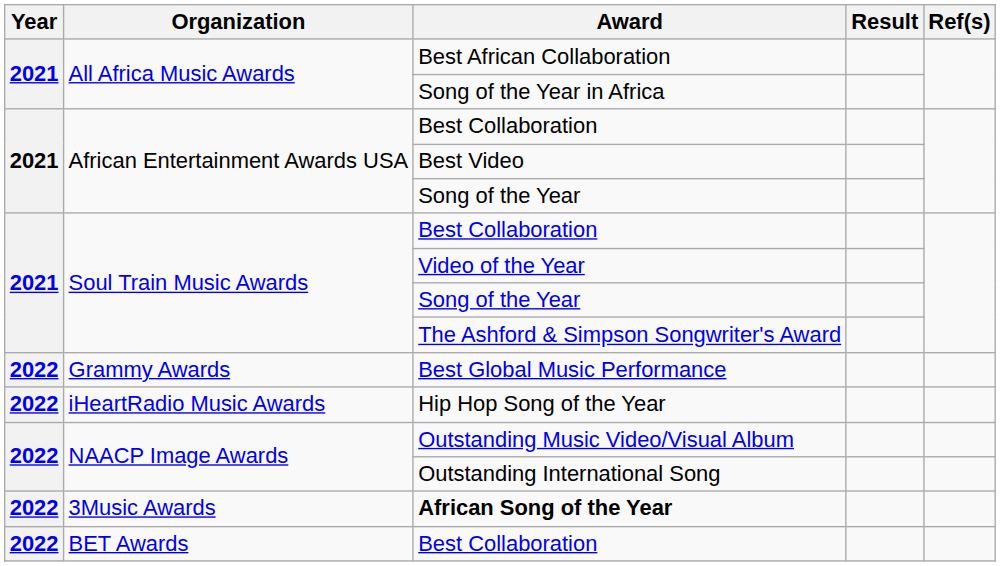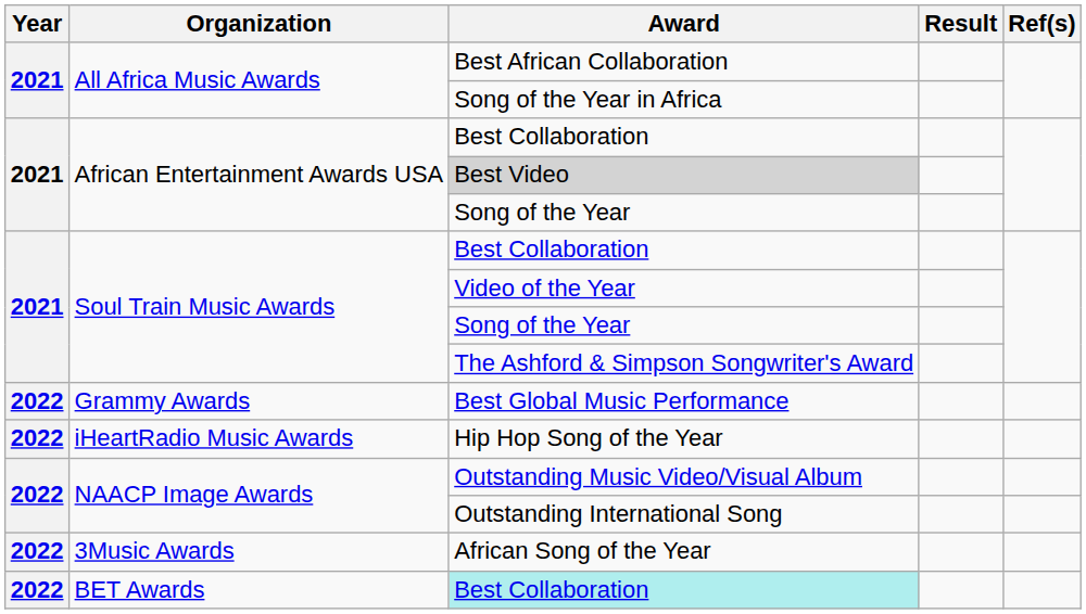 <table class="wikitable plainrowheaders">
 <tr>
 <th scope="col">Year</th>
 <th scope="col">Organization</th>
 <th scope="col">Award</th>
 <th scope="col">Result</th>
 <th scope="col">Ref(s)</th>
 </tr>
 <tr>
 <th rowspan="2" scope="row"><a href='#'>2021</a></th>
 <td rowspan="2"><a href='#'>All Africa Music Awards</a></td>
 <td>Best African Collaboration</td>
 <td></td>
 <td rowspan="2"></td>
 </tr>
 <tr>
 <td>Song of the Year in Africa</td>
 <td></td>
 </tr>
 <tr>
 <th rowspan="3" scope="row">2021</th>
 <td rowspan="3">African Entertainment Awards USA</td>
 <td>Best Collaboration</td>
 <td></td>
 <td rowspan="3"></td>
 </tr>
 <tr>
-<td>Best Video</td>
+<td style="background: lightgrey;">Best Video</td>
 <td></td>
 </tr>
 <tr>
 <td>Song of the Year</td>
 <td></td>
 </tr>
 <tr>
 <th rowspan="4" scope="row"><a href='#'>2021</a></th>
 <td rowspan="4"><a href='#'>Soul Train Music Awards</a></td>
 <td><a href='#'>Best Collaboration</a></td>
 <td></td>
 <td rowspan="4"></td>
 </tr>
 <tr>
 <td><a href='#'>Video of the Year</a></td>
 <td></td>
 </tr>
 <tr>
 <td><a href='#'>Song of the Year</a></td>
 <td></td>
 </tr>
 <tr>
 <td><a href='#'>The Ashford & Simpson Songwriter's Award</a></td>
 <td></td>
 </tr>
 <tr>
 <th scope="row"><a href='#'>2022</a></th>
 <td><a href='#'>Grammy Awards</a></td>
 <td><a href='#'>Best Global Music Performance</a></td>
 <td></td>
 <td></td>
 </tr>
 <tr>
 <th scope="row"><a href='#'>2022</a></th>
 <td><a href='#'>iHeartRadio Music Awards</a></td>
 <td>Hip Hop Song of the Year</td>
 <td></td>
 <td></td>
 </tr>
 <tr>
 <th rowspan="2" scope="row"><a href='#'>2022</a></th>
 <td rowspan="2"><a href='#'>NAACP Image Awards</a></td>
 <td><a href='#'>Outstanding Music Video/Visual Album</a></td>
 <td></td>
 <td></td>
 </tr>
 <tr>
 <td>Outstanding International Song</td>
 <td></td>
 <td></td>
 </tr>
 <tr>
 <th scope="row"><a href='#'>2022</a></th>
 <td><a href='#'>3Music Awards</a></td>
-<td><strong>African Song of the Year</strong></td>
+<td>African Song of the Year</td>
 <td></td>
 <td></td>
 </tr>
 <tr>
 <th scope="row"><a href='#'>2022</a></th>
 <td><a href='#'>BET Awards</a></td>
-<td><a href='#'>Best Collaboration</a></td>
+<td style="background: paleturquoise;"><a href='#'>Best Collaboration</a></td>
 <td></td>
 <td></td>
 </tr>
 </table>
